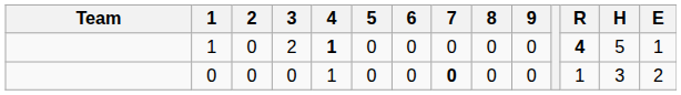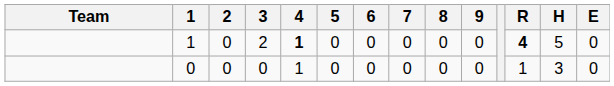 <table border=1 cellspacing=0 width=600 style="margin-left:3em;" class="wikitable">
 <tr style="text-align:center; background-color:#e6e6e6;">
 <th align=left width=28%>Team</th>
 <th width=6%>1</th>
 <th width=6%>2</th>
 <th width=6%>3</th>
 <th width=6%>4</th>
 <th width=6%>5</th>
 <th width=6%>6</th>
 <th width=6%>7</th>
 <th width=6%>8</th>
 <th width=6%>9</th>
 <th rowspan="3" width=0.5%></th>
 <th width=6%>R</th>
 <th width=6%>H</th>
 <th width=6%>E</th>
 </tr>
 <tr style="text-align:center;">
 <td align=left></td>
 <td>1</td>
 <td>0</td>
 <td>2</td>
 <td><strong>1</strong></td>
 <td>0</td>
 <td>0</td>
 <td>0</td>
 <td>0</td>
 <td>0</td>
 <td><strong>4</strong></td>
 <td>5</td>
-<td>1</td>
+<td>0</td>
 </tr>
 <tr style="text-align:center;">
 <td align=left></td>
 <td>0</td>
 <td>0</td>
 <td>0</td>
 <td>1</td>
 <td>0</td>
 <td>0</td>
-<td><strong>0</strong></td>
+<td>0</td>
 <td>0</td>
 <td>0</td>
 <td>1</td>
 <td>3</td>
-<td>2</td>
+<td>0</td>
 </tr>
 </table>
